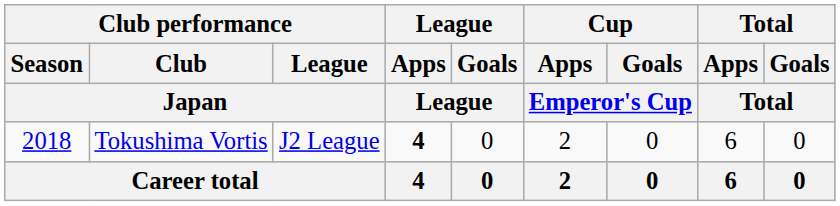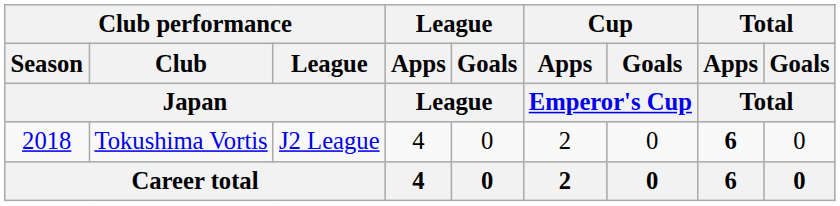 <table class="wikitable" style="text-align:center">
 <tr>
 <th colspan=3>Club performance</th>
 <th colspan=2>League</th>
 <th colspan=2>Cup</th>
 <th colspan=2>Total</th>
 </tr>
 <tr>
 <th>Season</th>
 <th>Club</th>
 <th>League</th>
 <th>Apps</th>
 <th>Goals</th>
 <th>Apps</th>
 <th>Goals</th>
 <th>Apps</th>
 <th>Goals</th>
 </tr>
 <tr>
 <th colspan=3>Japan</th>
 <th colspan=2>League</th>
 <th colspan=2><a href='#'>Emperor's Cup</a></th>
 <th colspan=2>Total</th>
 </tr>
 <tr>
 <td><a href='#'>2018</a></td>
 <td rowspan="1"><a href='#'>Tokushima Vortis</a></td>
 <td rowspan="1"><a href='#'>J2 League</a></td>
-<td><strong>4</strong></td>
+<td>4</td>
 <td>0</td>
 <td>2</td>
 <td>0</td>
-<td>6</td>
+<td><strong>6</strong></td>
 <td>0</td>
 </tr>
 <tr>
 <th colspan=3>Career total</th>
 <th>4</th>
 <th>0</th>
 <th>2</th>
 <th>0</th>
 <th>6</th>
 <th>0</th>
 </tr>
 </table>
